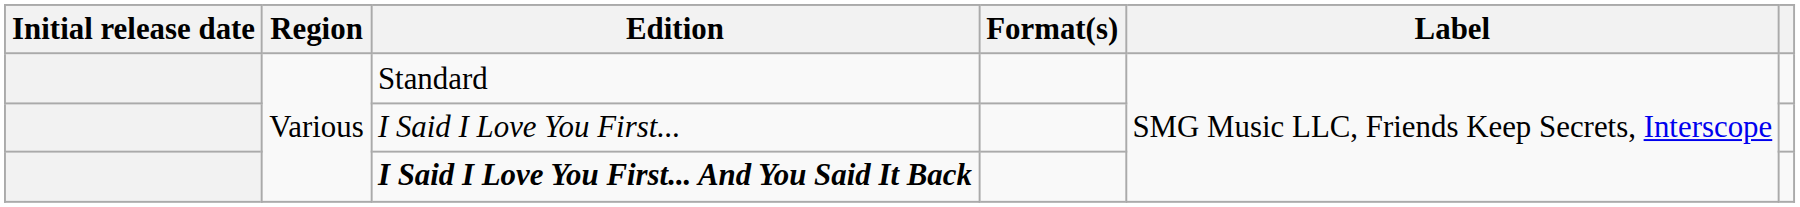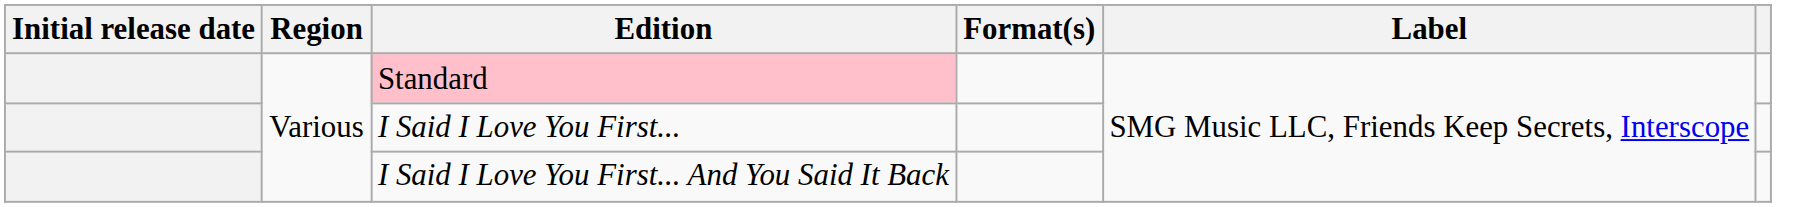 <table class="wikitable sortable plainrowheaders">
 <tr>
 <th scope="col">Initial release date</th>
 <th scope="col">Region</th>
 <th scope="col">Edition</th>
 <th scope="col">Format(s)</th>
 <th scope="col">Label</th>
 <th scope="col" class="unsortable"></th>
 </tr>
 <tr>
 <th scope="row"></th>
 <td rowspan="3">Various</td>
-<td>Standard</td>
+<td style="background: pink;">Standard</td>
 <td></td>
 <td rowspan="3">SMG Music LLC, Friends Keep Secrets, <a href='#'>Interscope</a></td>
 <td style="text-align:center;"></td>
 </tr>
 <tr>
 <th scope="row"></th>
 <td><em>I Said I Love You First...</em></td>
 <td></td>
 <td style="text-align:center;"></td>
 </tr>
 <tr>
 <th scope="row"></th>
-<td><strong><em>I Said I Love You First... And You Said It Back</em></strong></td>
+<td><em>I Said I Love You First... And You Said It Back</em></td>
 <td></td>
 <td style="text-align:center;"></td>
 </tr>
 </table>
